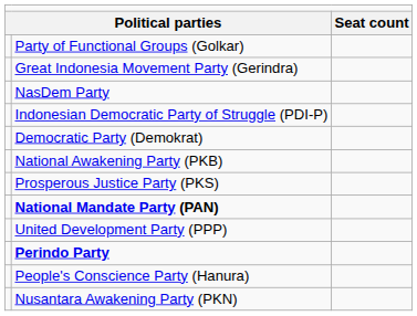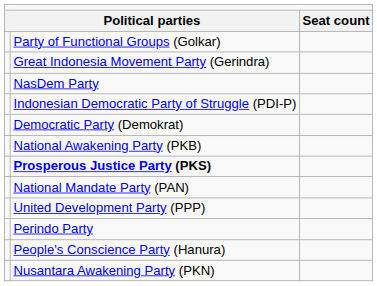 <table class="wikitable">
 <tr>
 <td colspan="4"></td>
 </tr>
 <tr>
 <th colspan="2">Political parties</th>
 <th>Seat count</th>
 </tr>
 <tr>
 <td bgcolor=></td>
 <td><a href='#'>Party of Functional Groups</a> (Golkar)</td>
 <td></td>
 </tr>
 <tr>
 <td bgcolor=></td>
 <td><a href='#'>Great Indonesia Movement Party</a> (Gerindra)</td>
 <td></td>
 </tr>
 <tr>
 <td bgcolor=></td>
 <td><a href='#'>NasDem Party</a></td>
 <td></td>
 </tr>
 <tr>
 <td bgcolor=></td>
 <td><a href='#'>Indonesian Democratic Party of Struggle</a> (PDI-P)</td>
 <td></td>
 </tr>
 <tr>
 <td bgcolor=></td>
 <td><a href='#'>Democratic Party</a> (Demokrat)</td>
 <td></td>
 </tr>
 <tr>
 <td bgcolor=></td>
 <td><a href='#'>National Awakening Party</a> (PKB)</td>
 <td></td>
 </tr>
 <tr>
 <td bgcolor=></td>
-<td><a href='#'>Prosperous Justice Party</a> (PKS)</td>
+<td><strong><a href='#'>Prosperous Justice Party</a> (PKS)</strong></td>
 <td></td>
 </tr>
 <tr>
 <td bgcolor=></td>
-<td><strong><a href='#'>National Mandate Party</a> (PAN)</strong></td>
+<td><a href='#'>National Mandate Party</a> (PAN)</td>
 <td></td>
 </tr>
 <tr>
 <td bgcolor=></td>
 <td><a href='#'>United Development Party</a> (PPP)</td>
 <td></td>
 </tr>
 <tr>
 <td bgcolor=></td>
-<td><strong><a href='#'>Perindo Party</a></strong></td>
+<td><a href='#'>Perindo Party</a></td>
 <td></td>
 </tr>
 <tr>
 <td bgcolor=></td>
 <td><a href='#'>People's Conscience Party</a> (Hanura)</td>
 <td></td>
 </tr>
 <tr>
 <td bgcolor=></td>
 <td><a href='#'>Nusantara Awakening Party</a> (PKN)</td>
 <td></td>
 </tr>
 </table>
